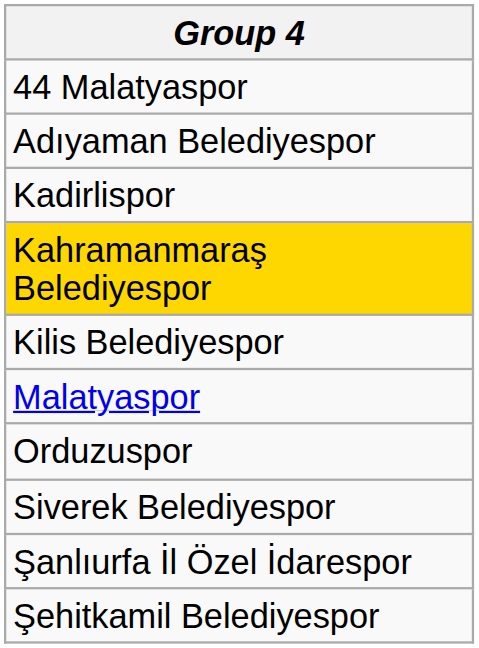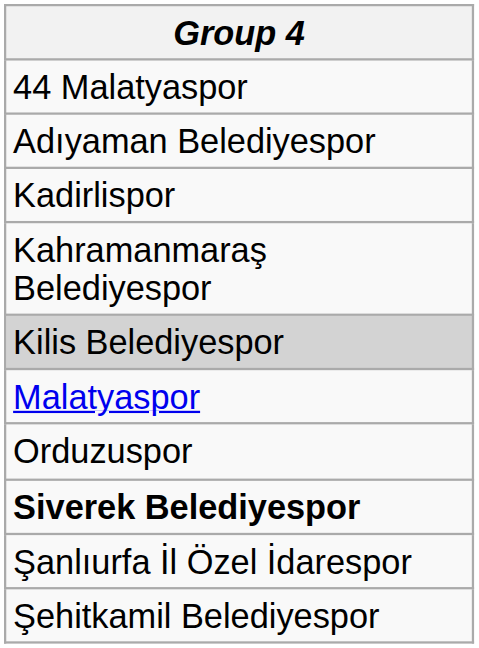 <table class="wikitable collapsible collapsed" style="font-size:95%;">
 <tr>
 <th colspan="1" width="200"><em>Group 4</em></th>
 </tr>
 <tr>
 <td>44 Malatyaspor</td>
 </tr>
 <tr>
 <td>Adıyaman Belediyespor</td>
 </tr>
 <tr>
 <td>Kadirlispor</td>
 </tr>
 <tr>
-<td style="background: gold;">Kahramanmaraş Belediyespor</td>
+<td>Kahramanmaraş Belediyespor</td>
 </tr>
 <tr>
-<td>Kilis Belediyespor</td>
+<td style="background: lightgrey;">Kilis Belediyespor</td>
 </tr>
 <tr>
 <td><a href='#'>Malatyaspor</a></td>
 </tr>
 <tr>
 <td>Orduzuspor</td>
 </tr>
 <tr>
-<td>Siverek Belediyespor</td>
+<td><strong>Siverek Belediyespor</strong></td>
 </tr>
 <tr>
 <td>Şanlıurfa İl Özel İdarespor</td>
 </tr>
 <tr>
 <td>Şehitkamil Belediyespor</td>
 </tr>
 </table>
